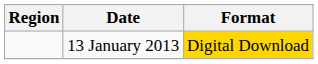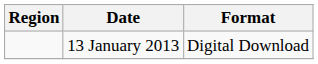 <table class=wikitable>
 <tr>
 <th>Region</th>
 <th>Date</th>
 <th>Format</th>
 </tr>
 <tr>
 <td></td>
 <td>13 January 2013</td>
-<td style="background: gold;">Digital Download</td>
+<td>Digital Download</td>
 </tr>
 <tr>
 </tr>
 </table>
